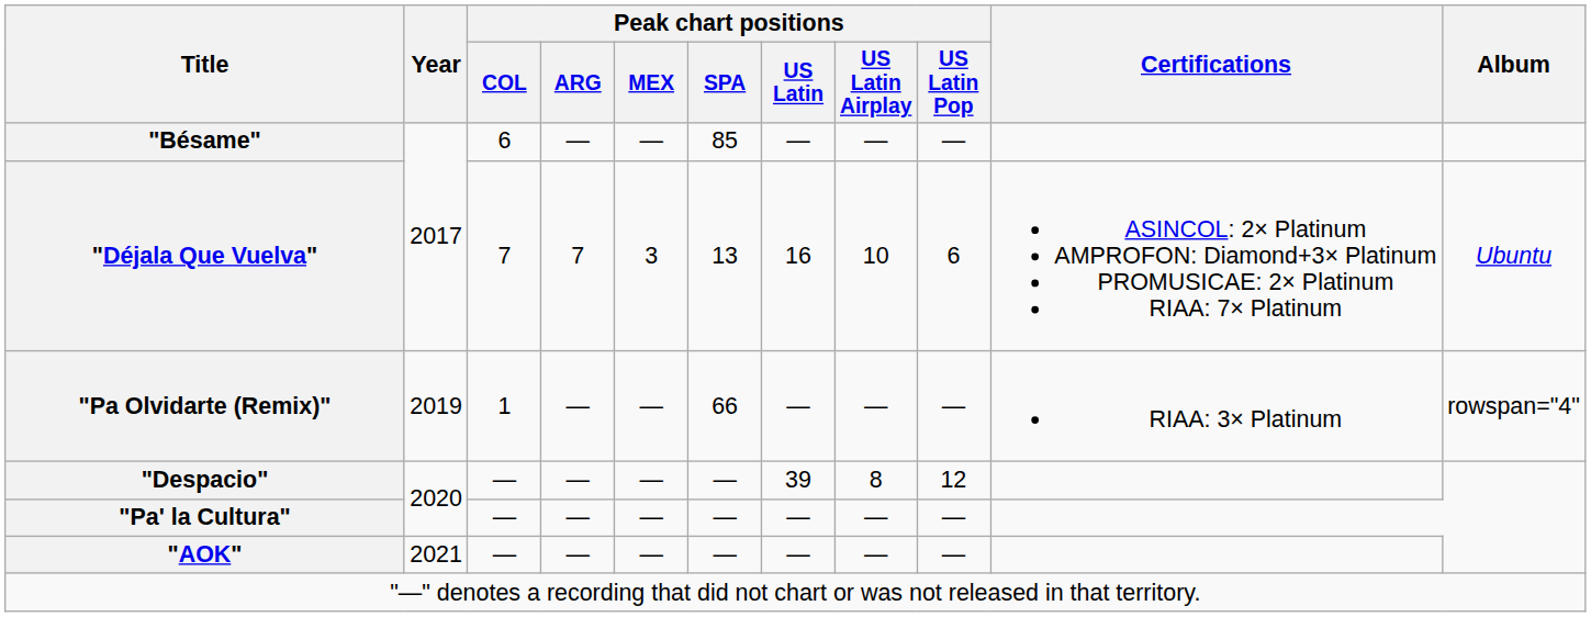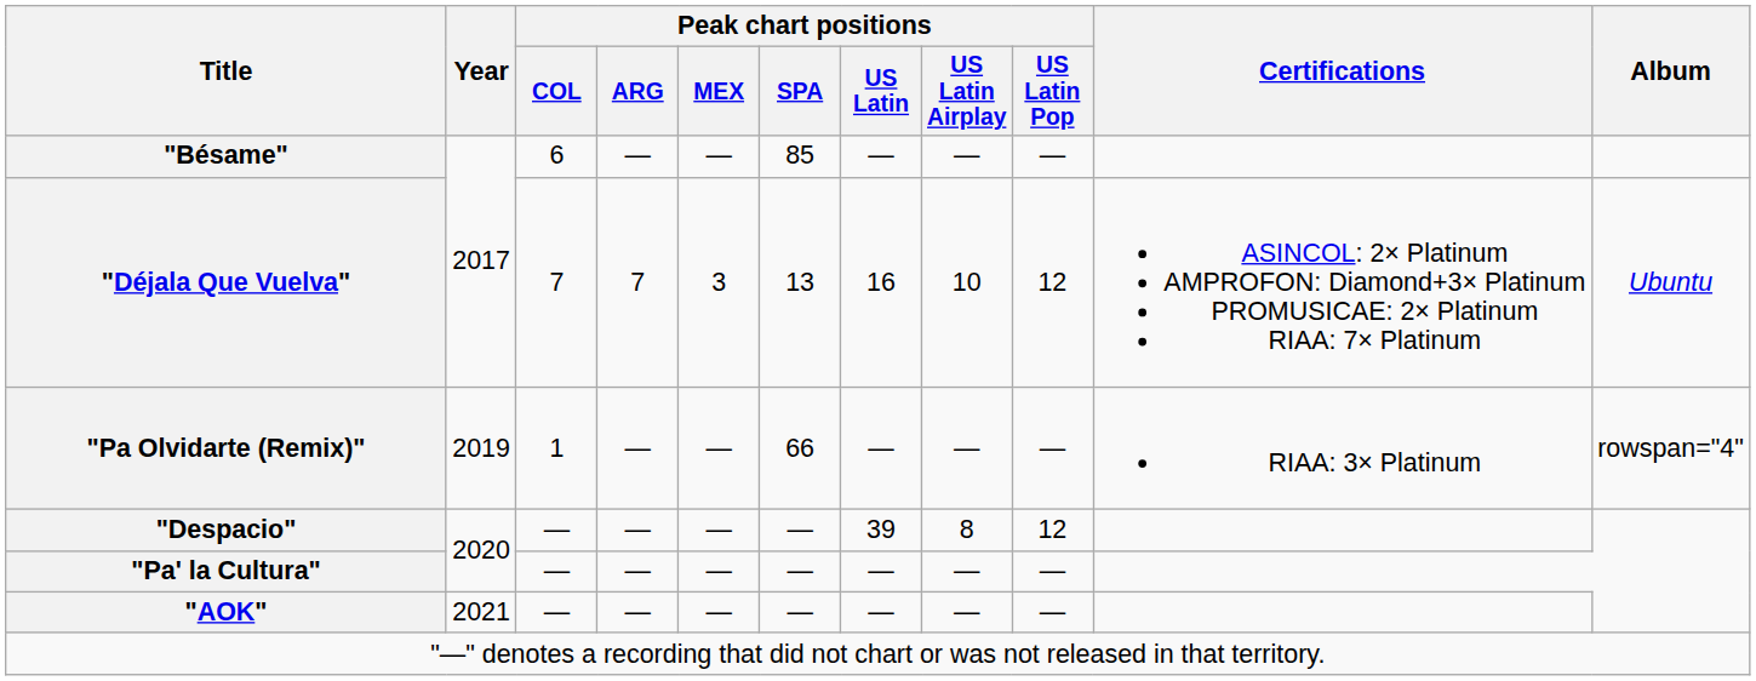 <table class="wikitable plainrowheaders" style="text-align:center;">
 <tr>
 <th scope="col" rowspan="2" style="width:16.5em;">Title</th>
 <th scope="col" rowspan="2" style="width:1em;">Year</th>
 <th colspan="7">Peak chart positions</th>
 <th scope="col" rowspan="2"><a href='#'>Certifications</a></th>
 <th scope="col" rowspan="2">Album</th>
 </tr>
 <tr>
 <th scope="col" style="width:3em;font-size:90%;"><a href='#'>COL</a><br></th>
 <th scope="col" style="width:3em;font-size:90%;"><a href='#'>ARG</a><br></th>
 <th scope="col" style="width:3em;font-size:90%;"><a href='#'>MEX</a><br></th>
 <th scope="col" style="width:3em;font-size:90%;"><a href='#'>SPA</a><br></th>
 <th scope="col" style="width:3em;font-size:90%;"><a href='#'>US<br>Latin</a><br></th>
 <th scope="col" style="width:3em;font-size:90%;"><a href='#'>US<br>Latin<br>Airplay</a><br></th>
 <th scope="col" style="width:3em;font-size:90%;"><a href='#'>US<br>Latin<br>Pop</a><br></th>
 </tr>
 <tr>
 <th scope="row">"Bésame"<br></th>
 <td rowspan="2">2017</td>
 <td>6</td>
 <td>—</td>
 <td>—</td>
 <td>85</td>
 <td>—</td>
 <td>—</td>
 <td>—</td>
 <td></td>
 <td></td>
 </tr>
 <tr>
 <th scope="row">"<a href='#'>Déjala Que Vuelva</a>" <br></th>
 <td>7</td>
 <td>7</td>
 <td>3</td>
 <td>13</td>
 <td>16</td>
 <td>10</td>
-<td>6</td>
+<td>12</td>
 <td><br><ul><li><a href='#'>ASINCOL</a>: 2× Platinum</li><li>AMPROFON: Diamond+3× Platinum</li><li>PROMUSICAE: 2× Platinum</li><li>RIAA: 7× Platinum </li></ul></td>
 <td><em><a href='#'>Ubuntu</a></em></td>
 </tr>
 <tr>
 <th scope="row">"Pa Olvidarte (Remix)"<br></th>
 <td>2019</td>
 <td>1</td>
 <td>—</td>
 <td>—</td>
 <td>66</td>
 <td>—</td>
 <td>—</td>
 <td>—</td>
 <td><br><ul><li>RIAA: 3× Platinum </li></ul></td>
 <td>rowspan="4" </td>
 </tr>
 <tr>
 <th scope="row">"Despacio"<br></th>
 <td rowspan="2">2020</td>
 <td>—</td>
 <td>—</td>
 <td>—</td>
 <td>—</td>
 <td>39</td>
 <td>8</td>
 <td>12</td>
 <td></td>
 </tr>
 <tr>
 <th scope="row">"Pa' la Cultura"<br></th>
 <td>—</td>
 <td>—</td>
 <td>—</td>
 <td>—</td>
 <td>—</td>
 <td>—</td>
 <td>—</td>
 </tr>
 <tr>
 <th scope="row">"<a href='#'>AOK</a>"<br></th>
 <td>2021</td>
 <td>—</td>
 <td>—</td>
 <td>—</td>
 <td>—</td>
 <td>—</td>
 <td>—</td>
 <td>—</td>
 <td></td>
 </tr>
 <tr>
 <td colspan="14">"—" denotes a recording that did not chart or was not released in that territory.</td>
 </tr>
 </table>
